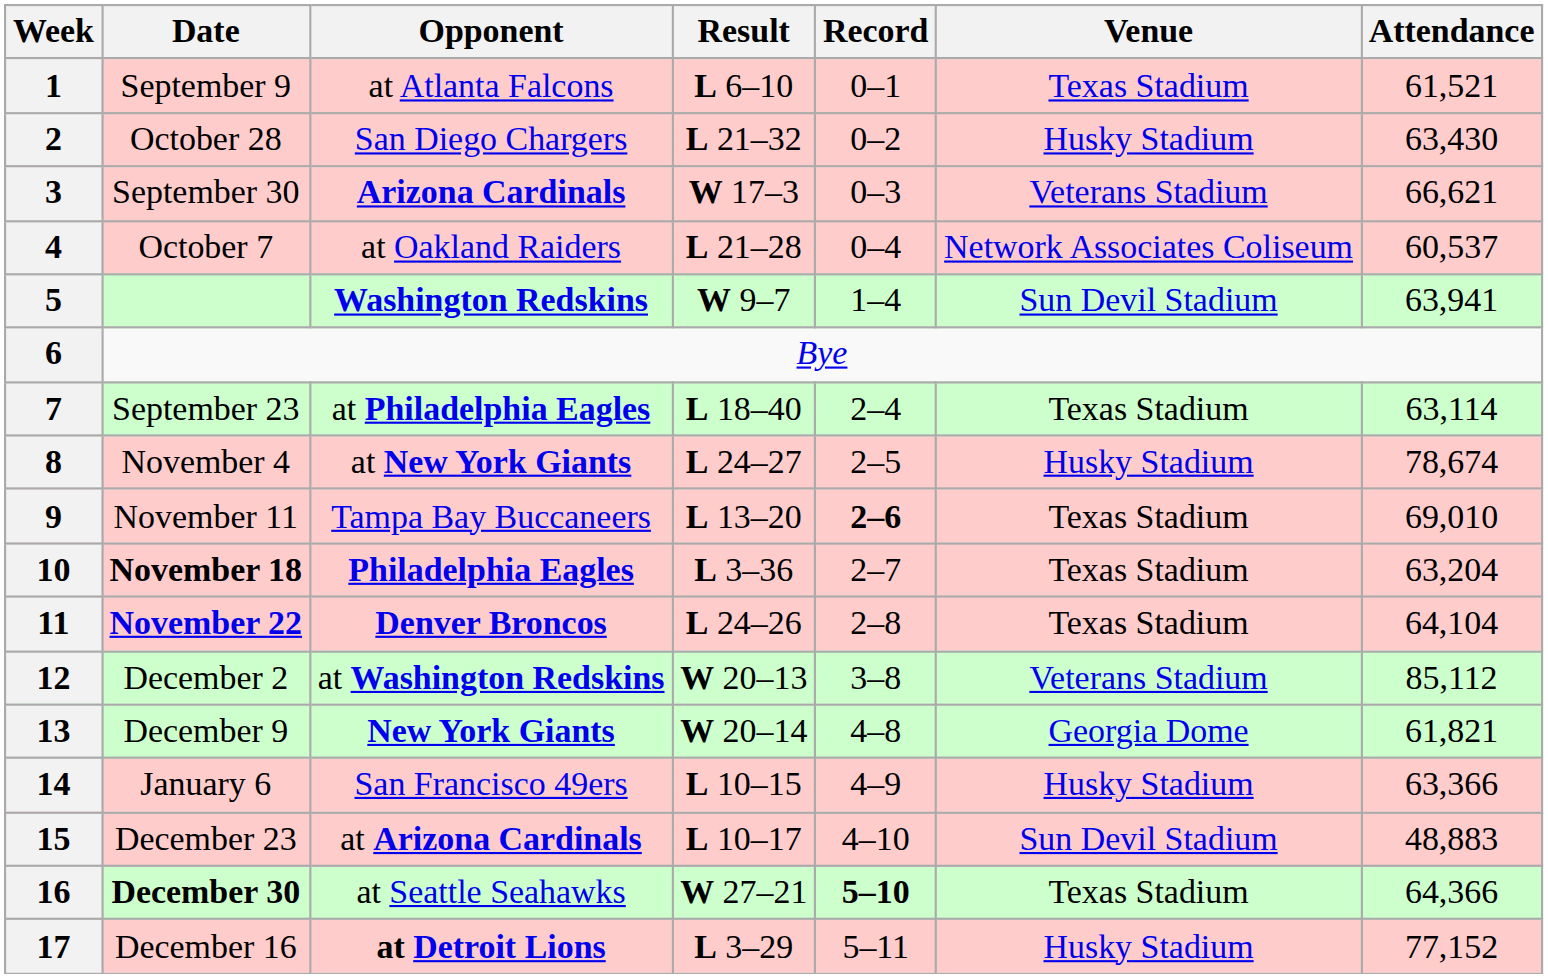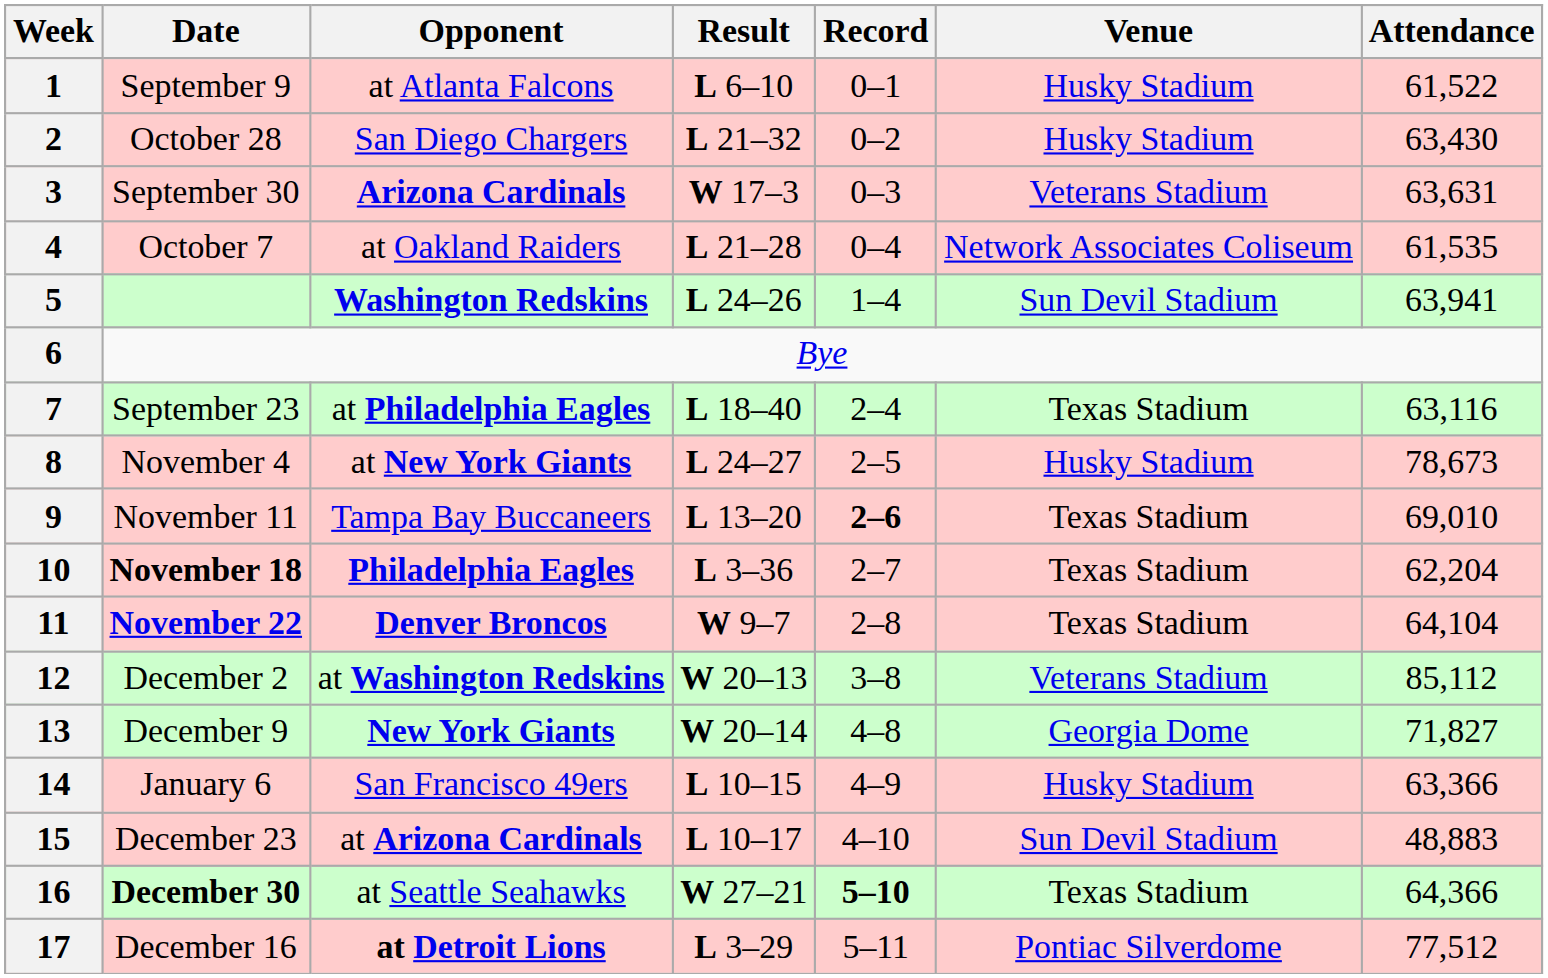 <table class="wikitable" style="text-align:center">
 <tr>
 <th>Week</th>
 <th>Date</th>
 <th>Opponent</th>
 <th>Result</th>
 <th>Record</th>
 <th>Venue</th>
 <th>Attendance</th>
 </tr>
 <tr style="background: #fcc">
 <th>1</th>
 <td>September 9</td>
 <td>at <a href='#'>Atlanta Falcons</a></td>
 <td><strong>L</strong> 6–10</td>
 <td>0–1</td>
-<td><a href='#'>Texas Stadium</a></td>
-<td>61,521</td>
+<td><a href='#'>Husky Stadium</a></td>
+<td>61,522</td>
 </tr>
 <tr style="background: #fcc">
 <th>2</th>
 <td>October 28</td>
 <td><a href='#'>San Diego Chargers</a></td>
 <td><strong>L</strong> 21–32</td>
 <td>0–2</td>
 <td><a href='#'>Husky Stadium</a></td>
 <td>63,430</td>
 </tr>
 <tr style="background: #fcc">
 <th>3</th>
 <td>September 30</td>
 <td><strong><a href='#'>Arizona Cardinals</a></strong></td>
 <td><strong>W</strong> 17–3</td>
 <td>0–3</td>
 <td><a href='#'>Veterans Stadium</a></td>
-<td>66,621</td>
+<td>63,631</td>
 </tr>
 <tr style="background: #fcc">
 <th>4</th>
 <td>October 7</td>
 <td>at <a href='#'>Oakland Raiders</a></td>
 <td><strong>L</strong> 21–28</td>
 <td>0–4</td>
 <td><a href='#'>Network Associates Coliseum</a></td>
-<td>60,537</td>
+<td>61,535</td>
 </tr>
 <tr style="background: #cfc">
 <th>5</th>
 <td></td>
 <td><strong><a href='#'>Washington Redskins</a></strong></td>
-<td><strong>W</strong> 9–7</td>
+<td><strong>L</strong> 24–26</td>
 <td>1–4</td>
 <td><a href='#'>Sun Devil Stadium</a></td>
 <td>63,941</td>
 </tr>
 <tr>
 <th>6</th>
 <td colspan=7 align="center"><em><a href='#'>Bye</a></em></td>
 </tr>
 <tr style="background: #cfc">
 <th>7</th>
 <td>September 23</td>
 <td>at <strong><a href='#'>Philadelphia Eagles</a></strong></td>
 <td><strong>L</strong> 18–40</td>
 <td>2–4</td>
 <td>Texas Stadium</td>
-<td>63,114</td>
+<td>63,116</td>
 </tr>
 <tr style="background: #fcc">
 <th>8</th>
 <td>November 4</td>
 <td>at <strong><a href='#'>New York Giants</a></strong></td>
 <td><strong>L</strong> 24–27 </td>
 <td>2–5</td>
 <td><a href='#'>Husky Stadium</a></td>
-<td>78,674</td>
+<td>78,673</td>
 </tr>
 <tr style="background: #fcc">
 <th>9</th>
 <td>November 11</td>
 <td><a href='#'>Tampa Bay Buccaneers</a></td>
 <td><strong>L</strong> 13–20</td>
 <td><strong>2–6</strong></td>
 <td>Texas Stadium</td>
 <td>69,010</td>
 </tr>
 <tr style="background: #fcc">
 <th>10</th>
 <td><strong>November 18</strong></td>
 <td><strong><a href='#'>Philadelphia Eagles</a></strong></td>
 <td><strong>L</strong> 3–36</td>
 <td>2–7</td>
 <td>Texas Stadium</td>
-<td>63,204</td>
+<td>62,204</td>
 </tr>
 <tr style="background: #fcc">
 <th>11</th>
 <td><strong><a href='#'>November 22</a></strong></td>
 <td><strong><a href='#'>Denver Broncos</a></strong></td>
-<td><strong>L</strong> 24–26</td>
+<td><strong>W</strong> 9–7</td>
 <td>2–8</td>
 <td>Texas Stadium</td>
 <td>64,104</td>
 </tr>
 <tr style="background: #cfc">
 <th>12</th>
 <td>December 2</td>
 <td>at <strong><a href='#'>Washington Redskins</a></strong></td>
 <td><strong>W</strong> 20–13</td>
 <td>3–8</td>
 <td><a href='#'>Veterans Stadium</a></td>
 <td>85,112</td>
 </tr>
 <tr style="background: #cfc">
 <th>13</th>
 <td>December 9</td>
 <td><strong><a href='#'>New York Giants</a></strong></td>
 <td><strong>W</strong> 20–14</td>
 <td>4–8</td>
 <td><a href='#'>Georgia Dome</a></td>
-<td>61,821</td>
+<td>71,827</td>
 </tr>
 <tr style="background: #fcc">
 <th>14</th>
 <td>January 6</td>
 <td><a href='#'>San Francisco 49ers</a></td>
 <td><strong>L</strong> 10–15</td>
 <td>4–9</td>
 <td><a href='#'>Husky Stadium</a></td>
 <td>63,366</td>
 </tr>
 <tr style="background: #fcc">
 <th>15</th>
 <td>December 23</td>
 <td>at <strong><a href='#'>Arizona Cardinals</a></strong></td>
 <td><strong>L</strong> 10–17</td>
 <td>4–10</td>
 <td><a href='#'>Sun Devil Stadium</a></td>
 <td>48,883</td>
 </tr>
 <tr style="background: #cfc">
 <th>16</th>
 <td><strong>December 30</strong></td>
 <td>at <a href='#'>Seattle Seahawks</a></td>
 <td><strong>W</strong> 27–21</td>
 <td><strong>5–10</strong></td>
 <td>Texas Stadium</td>
 <td>64,366</td>
 </tr>
 <tr style="background: #fcc">
 <th>17</th>
 <td>December 16</td>
 <td><strong>at <a href='#'>Detroit Lions</a></strong></td>
 <td><strong>L</strong> 3–29</td>
 <td>5–11</td>
-<td><a href='#'>Husky Stadium</a></td>
-<td>77,152</td>
+<td><a href='#'>Pontiac Silverdome</a></td>
+<td>77,512</td>
 </tr>
 </table>
